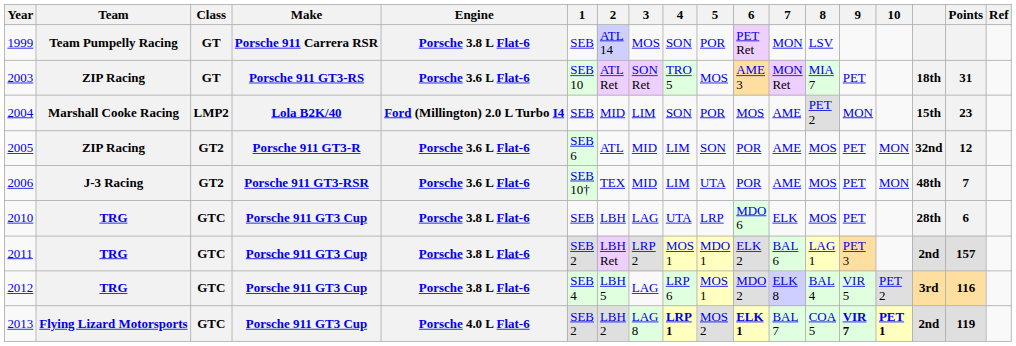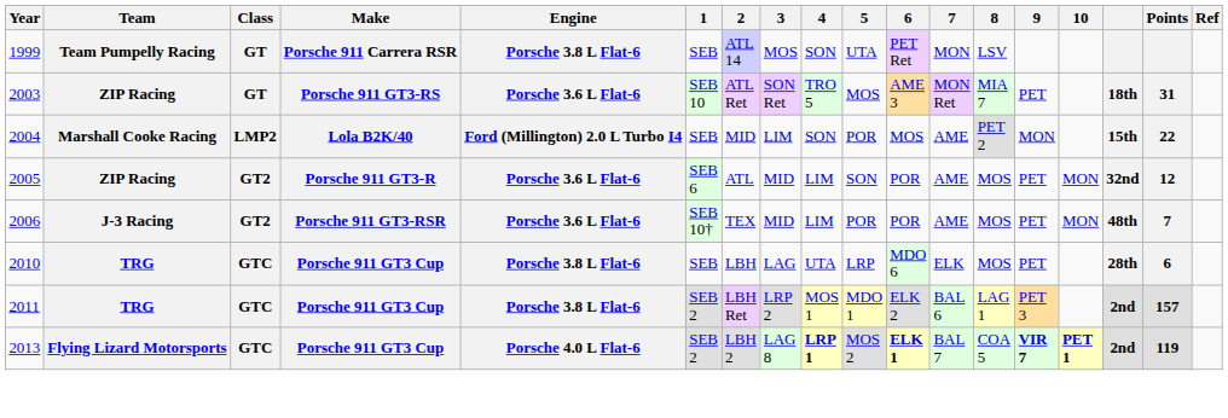 <table class="wikitable">
 <tr>
 <th>Year</th>
 <th>Team</th>
 <th>Class</th>
 <th>Make</th>
 <th>Engine</th>
 <th>1</th>
 <th>2</th>
 <th>3</th>
 <th>4</th>
 <th>5</th>
 <th>6</th>
 <th>7</th>
 <th>8</th>
 <th>9</th>
 <th>10</th>
 <th></th>
 <th>Points</th>
 <th>Ref</th>
 </tr>
 <tr>
 <td><a href='#'>1999</a></td>
 <th>Team Pumpelly Racing</th>
 <th>GT</th>
 <th><a href='#'>Porsche 911</a> Carrera RSR</th>
 <th><a href='#'>Porsche</a> 3.8 L <a href='#'>Flat-6</a></th>
 <td><a href='#'>SEB</a><br></td>
 <td style="background:#CFCFFF;”"><a href='#'>ATL</a><br>14</td>
 <td><a href='#'>MOS</a><br></td>
 <td><a href='#'>SON</a><br></td>
-<td><a href='#'>POR</a><br></td>
+<td><a href='#'>UTA</a><br></td>
 <td style="background:#EFCFFF;"><a href='#'>PET</a><br>Ret</td>
 <td><a href='#'>MON</a><br></td>
 <td><a href='#'>LSV</a><br></td>
 <td></td>
 <td></td>
 <th></th>
 <th></th>
 <td></td>
 </tr>
 <tr>
 <td><a href='#'>2003</a></td>
 <th>ZIP Racing</th>
 <th>GT</th>
 <th><a href='#'>Porsche 911 GT3-RS</a></th>
 <th><a href='#'>Porsche</a> 3.6 L <a href='#'>Flat-6</a></th>
 <td style="background:#DFFFDF;"><a href='#'>SEB</a><br>10</td>
 <td style="background:#EFCFFF;"><a href='#'>ATL</a><br>Ret</td>
 <td style="background:#EFCFFF;"><a href='#'>SON</a><br>Ret</td>
 <td style="background:#DFFFDF;"><a href='#'>TRO</a><br>5</td>
 <td><a href='#'>MOS</a><br></td>
 <td style="background:#FFDF9F;”"><a href='#'>AME</a><br>3</td>
 <td style="background:#EFCFFF;"><a href='#'>MON</a><br>Ret</td>
 <td style="background:#DFFFDF;"><a href='#'>MIA</a><br>7</td>
 <td><a href='#'>PET</a><br></td>
 <td></td>
 <th>18th</th>
 <th>31</th>
 <td></td>
 </tr>
 <tr>
 <td><a href='#'>2004</a></td>
 <th>Marshall Cooke Racing</th>
 <th>LMP2</th>
 <th><a href='#'>Lola B2K/40</a></th>
 <th><a href='#'>Ford</a> (Millington) 2.0 L Turbo <a href='#'>I4</a></th>
 <td><a href='#'>SEB</a><br></td>
 <td><a href='#'>MID</a><br></td>
 <td><a href='#'>LIM</a><br></td>
 <td><a href='#'>SON</a><br></td>
 <td><a href='#'>POR</a><br></td>
 <td><a href='#'>MOS</a><br></td>
 <td><a href='#'>AME</a><br></td>
 <td style="background:#DFDFDF;”"><a href='#'>PET</a><br>2</td>
 <td><a href='#'>MON</a><br></td>
 <td></td>
 <th>15th</th>
-<th>23</th>
+<th>22</th>
 <td></td>
 </tr>
 <tr>
 <td><a href='#'>2005</a></td>
 <th>ZIP Racing</th>
 <th>GT2</th>
 <th><a href='#'>Porsche 911 GT3-R</a></th>
 <th><a href='#'>Porsche</a> 3.6 L <a href='#'>Flat-6</a></th>
 <td style="background:#DFFFDF;"><a href='#'>SEB</a><br>6</td>
 <td><a href='#'>ATL</a><br></td>
 <td><a href='#'>MID</a><br></td>
 <td><a href='#'>LIM</a><br></td>
 <td><a href='#'>SON</a><br></td>
 <td><a href='#'>POR</a><br></td>
 <td><a href='#'>AME</a><br></td>
 <td><a href='#'>MOS</a><br></td>
 <td><a href='#'>PET</a><br></td>
 <td><a href='#'>MON</a><br></td>
 <th>32nd</th>
 <th>12</th>
 <td></td>
 </tr>
 <tr>
 <td><a href='#'>2006</a></td>
 <th>J-3 Racing</th>
 <th>GT2</th>
 <th><a href='#'>Porsche 911 GT3-RSR</a></th>
 <th><a href='#'>Porsche</a> 3.6 L <a href='#'>Flat-6</a></th>
 <td style="background:#DFFFDF;"><a href='#'>SEB</a><br>10†</td>
 <td><a href='#'>TEX</a><br></td>
 <td><a href='#'>MID</a><br></td>
 <td><a href='#'>LIM</a><br></td>
-<td><a href='#'>UTA</a><br></td>
+<td><a href='#'>POR</a><br></td>
 <td><a href='#'>POR</a><br></td>
 <td><a href='#'>AME</a><br></td>
 <td><a href='#'>MOS</a><br></td>
 <td><a href='#'>PET</a><br></td>
 <td><a href='#'>MON</a><br></td>
 <th>48th</th>
 <th>7</th>
 <td></td>
 </tr>
 <tr>
 <td><a href='#'>2010</a></td>
 <th><a href='#'>TRG</a></th>
 <th>GTC</th>
 <th><a href='#'>Porsche 911 GT3 Cup</a></th>
 <th><a href='#'>Porsche</a> 3.8 L <a href='#'>Flat-6</a></th>
 <td><a href='#'>SEB</a><br></td>
 <td><a href='#'>LBH</a><br></td>
 <td><a href='#'>LAG</a><br></td>
 <td><a href='#'>UTA</a><br></td>
 <td><a href='#'>LRP</a><br></td>
 <td style="background:#DFFFDF;"><a href='#'>MDO</a><br>6</td>
 <td><a href='#'>ELK</a><br></td>
 <td><a href='#'>MOS</a><br></td>
 <td><a href='#'>PET</a><br></td>
 <td></td>
 <th>28th</th>
 <th>6</th>
 <td></td>
 </tr>
 <tr>
 <td><a href='#'>2011</a></td>
 <th><a href='#'>TRG</a></th>
 <th>GTC</th>
 <th><a href='#'>Porsche 911 GT3 Cup</a></th>
 <th><a href='#'>Porsche</a> 3.8 L <a href='#'>Flat-6</a></th>
 <td style="background:#DFDFDF;”"><a href='#'>SEB</a><br>2</td>
 <td style="background:#EFCFFF;"><a href='#'>LBH</a><br>Ret</td>
 <td style="background:#DFDFDF;”"><a href='#'>LRP</a><br>2</td>
 <td style="background:#FFFFBF;”"><a href='#'>MOS</a><br>1</td>
 <td style="background:#FFFFBF;”"><a href='#'>MDO</a><br>1</td>
 <td style="background:#DFDFDF;”"><a href='#'>ELK</a><br>2</td>
 <td style="background:#DFFFDF;"><a href='#'>BAL</a><br>6</td>
 <td style="background:#FFFFBF;”"><a href='#'>LAG</a><br>1</td>
 <td style="background:#FFDF9F;”"><a href='#'>PET</a><br>3</td>
 <td></td>
 <th style="background:#DFDFDF;”">2nd</th>
 <th style="background:#DFDFDF;”">157</th>
 <td></td>
 </tr>
 <tr>
-<td><a href='#'>2012</a></td>
-<th><a href='#'>TRG</a></th>
-<th>GTC</th>
-<th><a href='#'>Porsche 911 GT3 Cup</a></th>
-<th><a href='#'>Porsche</a> 3.8 L <a href='#'>Flat-6</a></th>
-<td style="background:#DFFFDF;"><a href='#'>SEB</a><br>4</td>
-<td style="background:#DFFFDF;"><a href='#'>LBH</a><br>5</td>
-<td><a href='#'>LAG</a><br></td>
-<td style="background:#DFFFDF;"><a href='#'>LRP</a><br>6</td>
-<td style="background:#FFFFBF;”"><a href='#'>MOS</a><br>1</td>
-<td style="background:#DFDFDF;”"><a href='#'>MDO</a><br>2</td>
-<td style="background:#CFCFFF;”"><a href='#'>ELK</a><br>8</td>
-<td style="background:#DFFFDF;"><a href='#'>BAL</a><br>4</td>
-<td style="background:#DFFFDF;"><a href='#'>VIR</a><br>5</td>
-<td style="background:#DFDFDF;”"><a href='#'>PET</a><br>2</td>
-<th style="background:#FFDF9F;”">3rd</th>
-<th style="background:#FFDF9F;”">116</th>
-<td></td>
-</tr>
-<tr>
 <td><a href='#'>2013</a></td>
 <th><a href='#'>Flying Lizard Motorsports</a></th>
 <th>GTC</th>
 <th><a href='#'>Porsche 911 GT3 Cup</a></th>
 <th><a href='#'>Porsche</a> 4.0 L <a href='#'>Flat-6</a></th>
 <td style="background:#DFDFDF;”"><a href='#'>SEB</a><br>2</td>
 <td style="background:#DFDFDF;”"><a href='#'>LBH</a><br>2</td>
 <td style="background:#DFFFDF;"><a href='#'>LAG</a><br>8</td>
 <td style="background:#FFFFBF;”"><strong><a href='#'>LRP</a><br>1</strong></td>
 <td style="background:#DFDFDF;”"><a href='#'>MOS</a><br>2</td>
 <td style="background:#FFFFBF;”"><strong><a href='#'>ELK</a><br>1</strong></td>
 <td style="background:#DFFFDF;"><a href='#'>BAL</a><br>7</td>
 <td style="background:#DFFFDF;"><a href='#'>COA</a><br>5</td>
 <td style="background:#DFFFDF;"><strong><a href='#'>VIR</a><br>7</strong></td>
 <td style="background:#FFFFBF;”"><strong><a href='#'>PET</a><br>1</strong></td>
 <th style="background:#DFDFDF;”">2nd</th>
 <th style="background:#DFDFDF;”">119</th>
 <td></td>
 </tr>
 </table>
